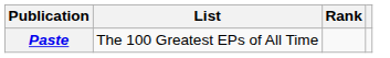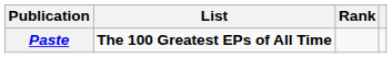 <table class="wikitable sortable plainrowheaders" style="text-align:center;">
 <tr>
 <th>Publication</th>
 <th class="unsortable">List</th>
 <th>Rank</th>
 <th class="unsortable"></th>
 </tr>
 <tr>
 <th scope="row"><em><a href='#'>Paste</a></em></th>
-<td>The 100 Greatest EPs of All Time</td>
+<td><strong>The 100 Greatest EPs of All Time</strong></td>
 <td></td>
 <td></td>
 </tr>
 </table>
